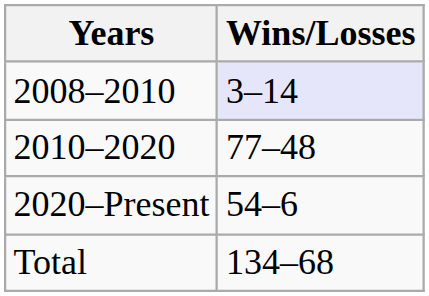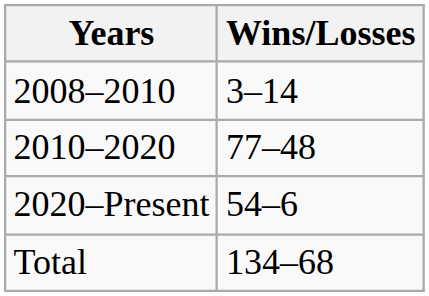 <table class="wikitable">
 <tr>
 <th>Years</th>
 <th>Wins/Losses</th>
 </tr>
 <tr>
 <td>2008–2010</td>
-<td style="background: lavender;">3–14</td>
+<td>3–14</td>
 </tr>
 <tr>
 <td>2010–2020</td>
 <td>77–48</td>
 </tr>
 <tr>
 <td>2020–Present</td>
 <td>54–6</td>
 </tr>
 <tr>
 <td>Total</td>
 <td>134–68</td>
 </tr>
 </table>
